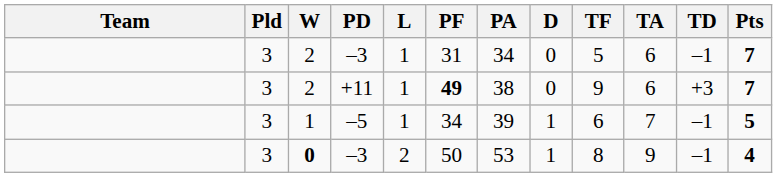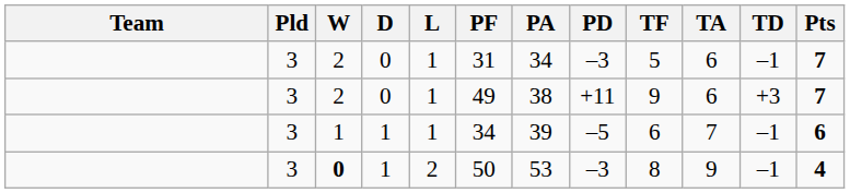 <table class="wikitable" style="text-align:center;">
 <tr>
 <th width=175>Team</th>
 <th width=25>Pld</th>
 <th width=25>W</th>
-<th width=32>PD</th>
+<th width=25>D</th>
 <th width=25>L</th>
 <th width=32>PF</th>
 <th width=32>PA</th>
-<th width=25>D</th>
+<th width=32>PD</th>
 <th width=32>TF</th>
 <th width=32>TA</th>
 <th width=32>TD</th>
 <th width=25>Pts</th>
 </tr>
 <tr>
 <td align="left"></td>
 <td>3</td>
 <td>2</td>
-<td>–3</td>
+<td>0</td>
 <td>1</td>
 <td>31</td>
 <td>34</td>
-<td>0</td>
+<td>–3</td>
 <td>5</td>
 <td>6</td>
 <td>–1</td>
 <td><strong>7</strong></td>
 </tr>
 <tr>
 <td align="left"></td>
 <td>3</td>
 <td>2</td>
+<td>0</td>
+<td>1</td>
+<td>49</td>
+<td>38</td>
 <td>+11</td>
-<td>1</td>
-<td><strong>49</strong></td>
-<td>38</td>
-<td>0</td>
 <td>9</td>
 <td>6</td>
 <td>+3</td>
 <td><strong>7</strong></td>
 </tr>
 <tr>
 <td align="left"></td>
 <td>3</td>
 <td>1</td>
-<td>–5</td>
+<td>1</td>
 <td>1</td>
 <td>34</td>
 <td>39</td>
-<td>1</td>
+<td>–5</td>
 <td>6</td>
 <td>7</td>
 <td>–1</td>
-<td><strong>5</strong></td>
+<td><strong>6</strong></td>
 </tr>
 <tr>
 <td align="left"></td>
 <td>3</td>
 <td><strong>0</strong></td>
-<td>–3</td>
+<td>1</td>
 <td>2</td>
 <td>50</td>
 <td>53</td>
-<td>1</td>
+<td>–3</td>
 <td>8</td>
 <td>9</td>
 <td>–1</td>
 <td><strong>4</strong></td>
 </tr>
 </table>
